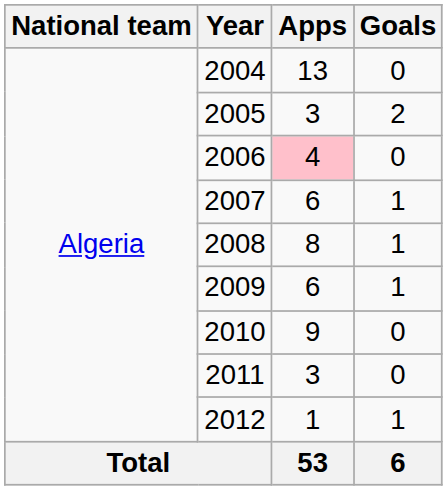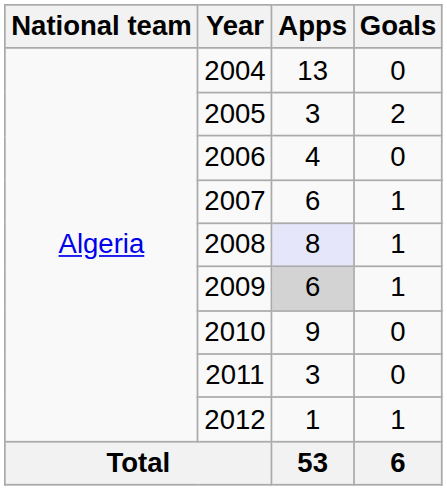 <table class="wikitable" style="text-align:center">
 <tr>
 <th>National team</th>
 <th>Year</th>
 <th>Apps</th>
 <th>Goals</th>
 </tr>
 <tr>
 <td rowspan="9"><a href='#'>Algeria</a></td>
 <td>2004</td>
 <td>13</td>
 <td>0</td>
 </tr>
 <tr>
 <td>2005</td>
 <td>3</td>
 <td>2</td>
 </tr>
 <tr>
 <td>2006</td>
-<td style="background: pink;">4</td>
+<td>4</td>
 <td>0</td>
 </tr>
 <tr>
 <td>2007</td>
 <td>6</td>
 <td>1</td>
 </tr>
 <tr>
 <td>2008</td>
-<td>8</td>
+<td style="background: lavender;">8</td>
 <td>1</td>
 </tr>
 <tr>
 <td>2009</td>
-<td>6</td>
+<td style="background: lightgrey;">6</td>
 <td>1</td>
 </tr>
 <tr>
 <td>2010</td>
 <td>9</td>
 <td>0</td>
 </tr>
 <tr>
 <td>2011</td>
 <td>3</td>
 <td>0</td>
 </tr>
 <tr>
 <td>2012</td>
 <td>1</td>
 <td>1</td>
 </tr>
 <tr>
 <th colspan="2">Total</th>
 <th>53</th>
 <th>6</th>
 </tr>
 </table>
